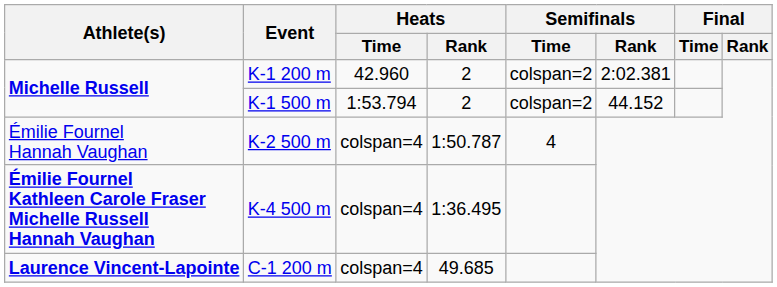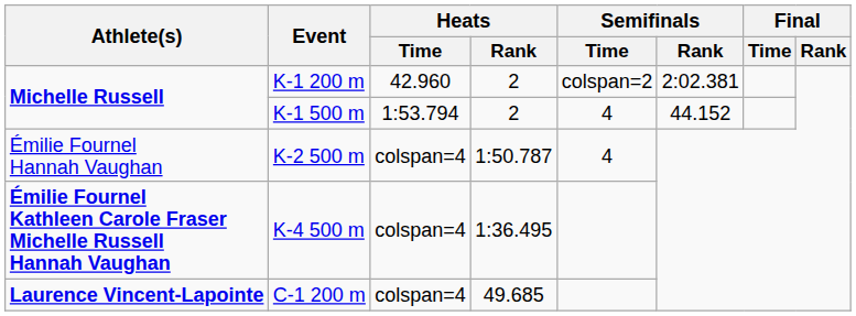 <table class=wikitable style="font-size:90%;">
 <tr>
 <th rowspan=2>Athlete(s)</th>
 <th rowspan=2>Event</th>
 <th colspan=2>Heats</th>
 <th colspan=2>Semifinals</th>
 <th colspan=2>Final</th>
 </tr>
 <tr style="font-size:95%">
 <th>Time</th>
 <th>Rank</th>
 <th>Time</th>
 <th>Rank</th>
 <th>Time</th>
 <th>Rank</th>
 </tr>
 <tr align=center>
 <td align=left rowspan=2><strong><a href='#'>Michelle Russell</a></strong></td>
 <td align=left><a href='#'>K-1 200 m</a></td>
 <td>42.960</td>
 <td>2</td>
 <td>colspan=2 </td>
 <td>2:02.381</td>
 <td></td>
 </tr>
 <tr align=center>
 <td align=left><a href='#'>K-1 500 m</a></td>
 <td>1:53.794</td>
 <td>2</td>
-<td>colspan=2 </td>
+<td>4</td>
 <td>44.152</td>
 <td></td>
 </tr>
 <tr align=center>
 <td align=left><a href='#'>Émilie Fournel</a><br><a href='#'>Hannah Vaughan</a></td>
 <td align=left><a href='#'>K-2 500 m</a></td>
 <td>colspan=4 </td>
 <td>1:50.787</td>
 <td>4</td>
 </tr>
 <tr align=center>
 <td align=left><strong><a href='#'>Émilie Fournel</a><br><a href='#'>Kathleen Carole Fraser</a><br><a href='#'>Michelle Russell</a><br><a href='#'>Hannah Vaughan</a></strong></td>
 <td align=left><a href='#'>K-4 500 m</a></td>
 <td>colspan=4 </td>
 <td>1:36.495</td>
 <td></td>
 </tr>
 <tr align=center>
 <td align=left><strong><a href='#'>Laurence Vincent-Lapointe</a></strong></td>
 <td align=left><a href='#'>C-1 200 m</a></td>
 <td>colspan=4 </td>
 <td>49.685</td>
 <td></td>
 </tr>
 </table>
